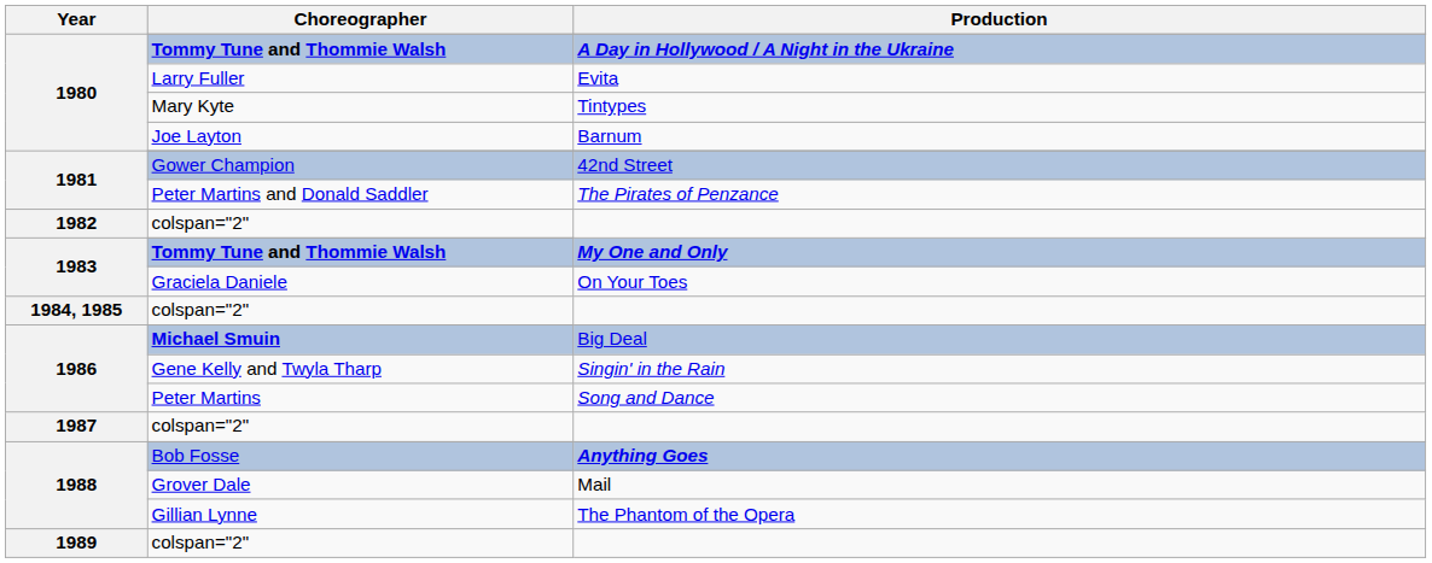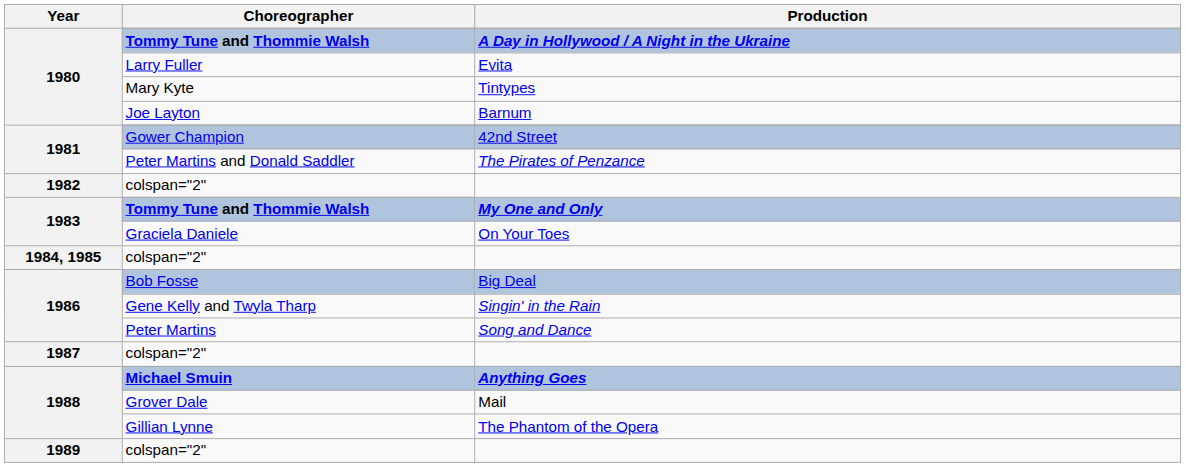 <table class="wikitable" style="width:98%;">
 <tr style="background:#bebebe;">
 <th style="width:10%;">Year</th>
 <th style="width:30%;">Choreographer</th>
 <th style="width:60%;">Production</th>
 </tr>
 <tr>
 <th rowspan="5">1980</th>
 </tr>
 <tr style="background:#B0C4DE">
 <td><strong><a href='#'>Tommy Tune</a> and <a href='#'>Thommie Walsh</a></strong></td>
 <td><strong><em><a href='#'>A Day in Hollywood / A Night in the Ukraine</a><em> <strong></td>
 </tr>
 <tr>
 <td><a href='#'>Larry Fuller</a></td>
 <td></em><a href='#'>Evita</a><em></td>
 </tr>
 <tr>
 <td>Mary Kyte</td>
 <td></em><a href='#'>Tintypes</a><em></td>
 </tr>
 <tr>
 <td><a href='#'>Joe Layton</a></td>
 <td></em><a href='#'>Barnum</a><em></td>
 </tr>
 <tr>
 <th rowspan="3">1981</th>
 </tr>
 <tr style="background:#B0C4DE">
 <td></strong><a href='#'>Gower Champion</a><strong></td>
 <td></em></strong><a href='#'>42nd Street</a></em> </strong></td>
 </tr>
 <tr>
 <td><a href='#'>Peter Martins</a> and <a href='#'>Donald Saddler</a></td>
 <td><em><a href='#'>The Pirates of Penzance</a></em></td>
 </tr>
 <tr>
 <th>1982</th>
 <td>colspan="2" </td>
 </tr>
 <tr>
 <th rowspan="3">1983</th>
 </tr>
 <tr style="background:#B0C4DE">
 <td><strong><a href='#'>Tommy Tune</a> and <a href='#'>Thommie Walsh</a></strong></td>
 <td><strong><em><a href='#'>My One and Only</a><em> <strong></td>
 </tr>
 <tr>
 <td><a href='#'>Graciela Daniele</a></td>
 <td></em><a href='#'>On Your Toes</a><em></td>
 </tr>
 <tr>
 <th>1984, 1985</th>
 <td>colspan="2" </td>
 </tr>
 <tr>
 <th rowspan="4">1986</th>
 </tr>
 <tr style="background:#B0C4DE">
-<td><strong><a href='#'>Michael Smuin</a></strong></td>
+<td></strong><a href='#'>Bob Fosse</a><strong></td>
 <td></em></strong><a href='#'>Big Deal</a></em> </strong></td>
 </tr>
 <tr>
 <td><a href='#'>Gene Kelly</a> and <a href='#'>Twyla Tharp</a></td>
 <td><em><a href='#'>Singin' in the Rain</a></em></td>
 </tr>
 <tr>
 <td><a href='#'>Peter Martins</a></td>
 <td><em><a href='#'>Song and Dance</a></em></td>
 </tr>
 <tr>
 <th>1987</th>
 <td>colspan="2" </td>
 </tr>
 <tr>
 <th rowspan="4">1988</th>
 </tr>
 <tr style="background:#B0C4DE">
-<td></strong><a href='#'>Bob Fosse</a><strong></td>
+<td><strong><a href='#'>Michael Smuin</a></strong></td>
 <td><strong><em><a href='#'>Anything Goes</a><em> <strong></td>
 </tr>
 <tr>
 <td><a href='#'>Grover Dale</a></td>
 <td></em>Mail<em></td>
 </tr>
 <tr>
 <td><a href='#'>Gillian Lynne</a></td>
 <td></em><a href='#'>The Phantom of the Opera</a><em></td>
 </tr>
 <tr>
 <th>1989</th>
 <td>colspan="2" </td>
 </tr>
 </table>
